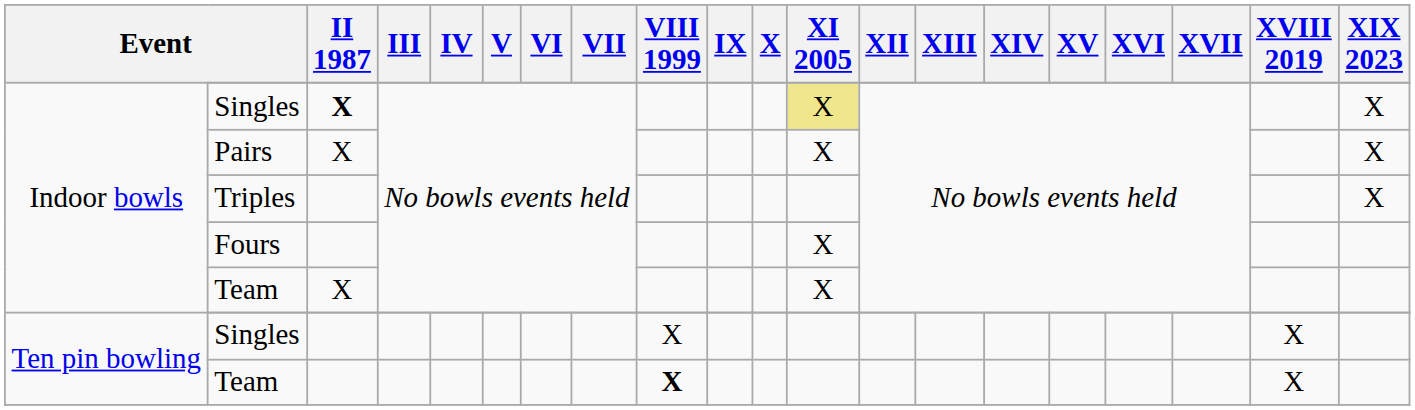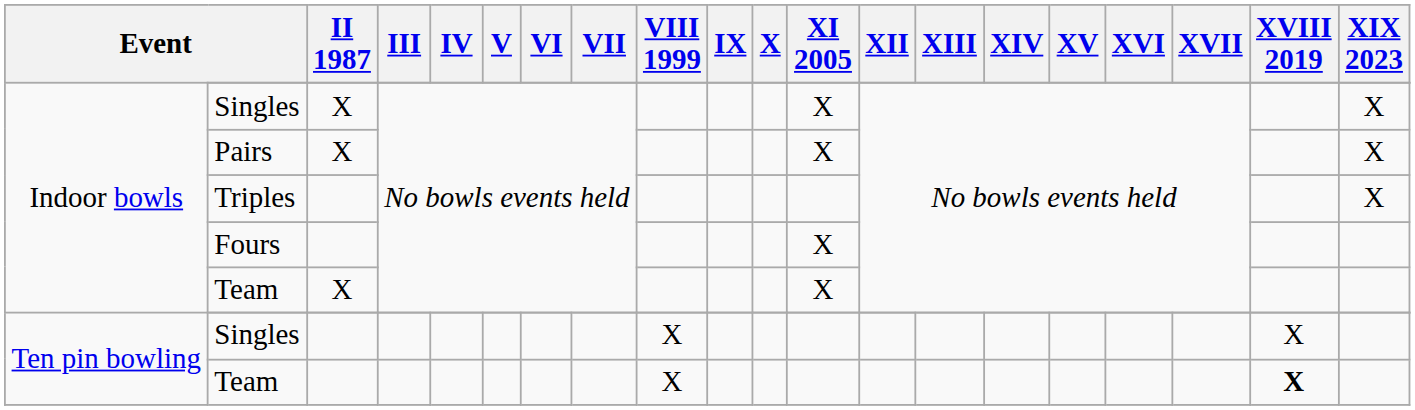 <table class="wikitable" style="text-align:center">
 <tr>
 <th colspan=2>Event</th>
 <th><a href='#'>II<br> 1987</a></th>
 <th><a href='#'>III</a></th>
 <th><a href='#'>IV</a></th>
 <th><a href='#'>V</a></th>
 <th><a href='#'>VI</a></th>
 <th><a href='#'>VII</a></th>
 <th><a href='#'>VIII<br>1999</a></th>
 <th><a href='#'>IX</a></th>
 <th><a href='#'>X</a></th>
 <th><a href='#'>XI<br>2005</a></th>
 <th><a href='#'>XII</a></th>
 <th><a href='#'>XIII</a></th>
 <th><a href='#'>XIV</a></th>
 <th><a href='#'>XV</a></th>
 <th><a href='#'>XVI</a></th>
 <th><a href='#'>XVII</a></th>
 <th><a href='#'>XVIII<br>2019</a></th>
 <th><a href='#'>XIX<br>2023</a></th>
 </tr>
 <tr>
 <td rowspan=6>Indoor <a href='#'>bowls</a></td>
 </tr>
 <tr>
 <td align=left>Singles</td>
-<td><strong>X</strong></td>
+<td>X</td>
 <td rowspan=5 colspan=5><em>No bowls events held</em></td>
 <td></td>
 <td></td>
 <td></td>
-<td style="background: khaki;">X</td>
+<td>X</td>
 <td rowspan=5 colspan=6><em>No bowls events held</em></td>
 <td></td>
 <td>X</td>
 </tr>
 <tr>
 <td align=left>Pairs</td>
 <td>X</td>
 <td></td>
 <td></td>
 <td></td>
 <td>X</td>
 <td></td>
 <td>X</td>
 </tr>
 <tr>
 <td align=left>Triples</td>
 <td></td>
 <td></td>
 <td></td>
 <td></td>
 <td></td>
 <td></td>
 <td>X</td>
 </tr>
 <tr>
 <td align=left>Fours</td>
 <td></td>
 <td></td>
 <td></td>
 <td></td>
 <td>X</td>
 <td></td>
 <td></td>
 </tr>
 <tr>
 <td align=left>Team</td>
 <td>X</td>
 <td></td>
 <td></td>
 <td></td>
 <td>X</td>
 <td></td>
 <td></td>
 </tr>
 <tr>
 <td rowspan=3><a href='#'>Ten pin bowling</a></td>
 </tr>
 <tr>
 <td align=left>Singles</td>
 <td></td>
 <td></td>
 <td></td>
 <td></td>
 <td></td>
 <td></td>
 <td>X</td>
 <td></td>
 <td></td>
 <td></td>
 <td></td>
 <td></td>
 <td></td>
 <td></td>
 <td></td>
 <td></td>
 <td>X</td>
 <td></td>
 </tr>
 <tr>
 <td align=left>Team</td>
 <td></td>
 <td></td>
 <td></td>
 <td></td>
 <td></td>
 <td></td>
-<td><strong>X</strong></td>
+<td>X</td>
 <td></td>
 <td></td>
 <td></td>
 <td></td>
 <td></td>
 <td></td>
 <td></td>
 <td></td>
 <td></td>
-<td>X</td>
+<td><strong>X</strong></td>
 <td></td>
 </tr>
 </table>
